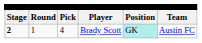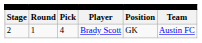 <table class="wikitable sortable" style="text-align:center; font-size:90%; text-align:left;">
 <tr style="border-spacing: 2px; border: 2px solid black;">
 <td colspan="7" bgcolor="#000000" color="#000000" border="#FED000" align="center"><strong></strong></td>
 </tr>
 <tr>
 <th><strong>Stage</strong></th>
 <th><strong>Round</strong></th>
 <th><strong>Pick</strong></th>
 <th><strong>Player</strong></th>
 <th><strong>Position</strong></th>
 <th><strong>Team</strong></th>
 </tr>
 <tr>
-<td><strong>2</strong></td>
+<td>2</td>
 <td>1</td>
 <td>4</td>
 <td> <a href='#'>Brady Scott</a></td>
-<td style="background: paleturquoise;">GK</td>
+<td>GK</td>
 <td><a href='#'>Austin FC</a></td>
 </tr>
 </table>
